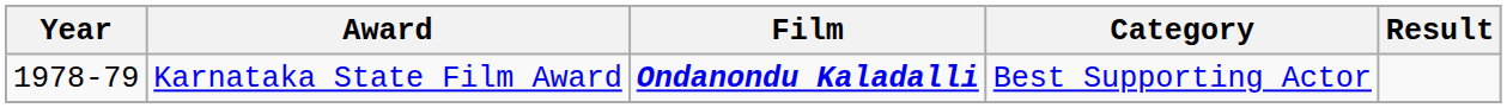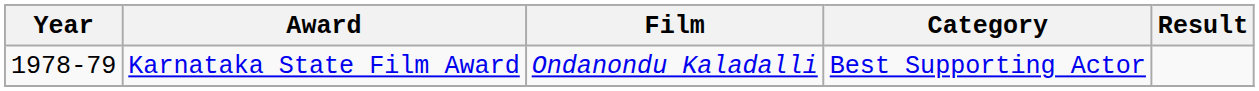 <table class="wikitable">
 <tr>
 <th>Year</th>
 <th>Award</th>
 <th>Film</th>
 <th>Category</th>
 <th>Result</th>
 </tr>
 <tr>
 <td style="text-align:left;">1978-79</td>
 <td style="text-align:left;"><a href='#'>Karnataka State Film Award</a></td>
-<td style="text-align:left;"><strong><em><a href='#'>Ondanondu Kaladalli</a></em></strong></td>
+<td style="text-align:left;"><em><a href='#'>Ondanondu Kaladalli</a></em></td>
 <td style="text-align:left;"><a href='#'>Best Supporting Actor</a></td>
 <td></td>
 </tr>
 <tr>
 </tr>
 </table>
